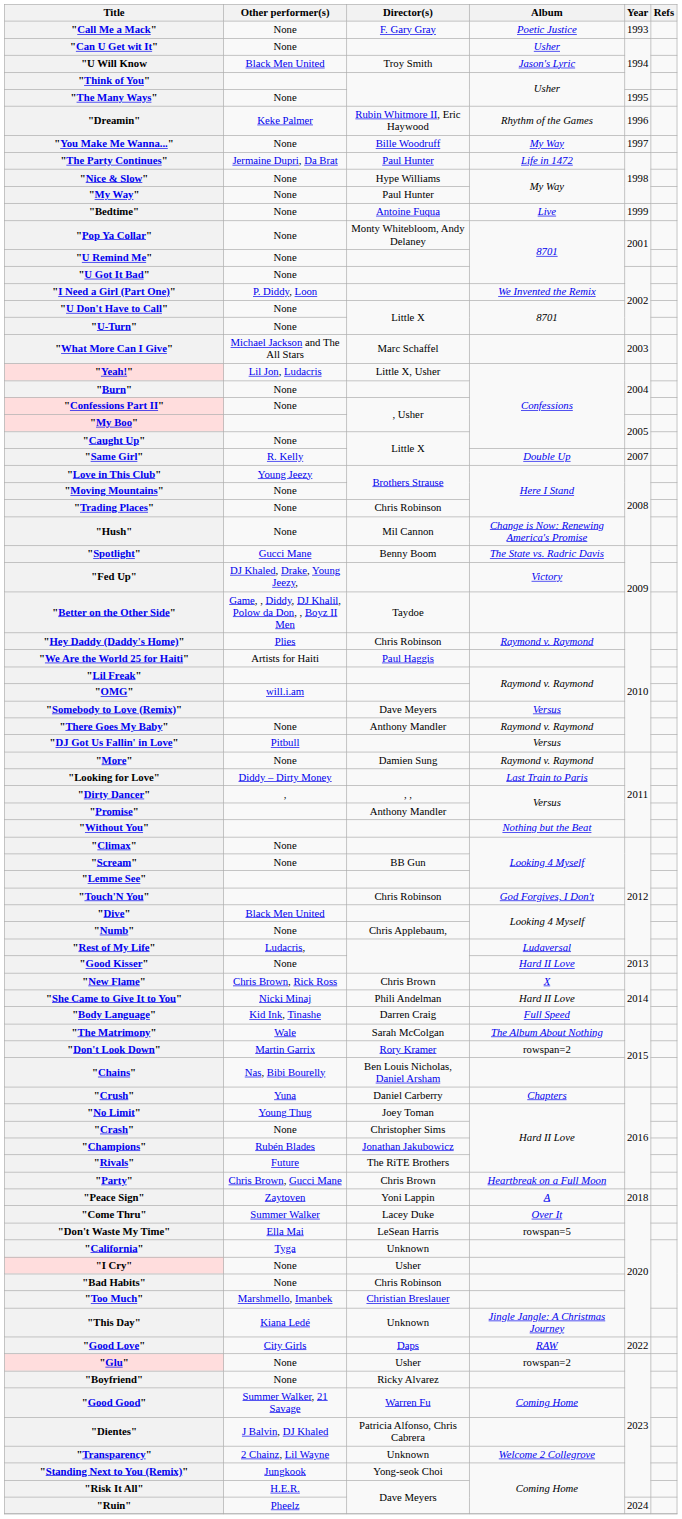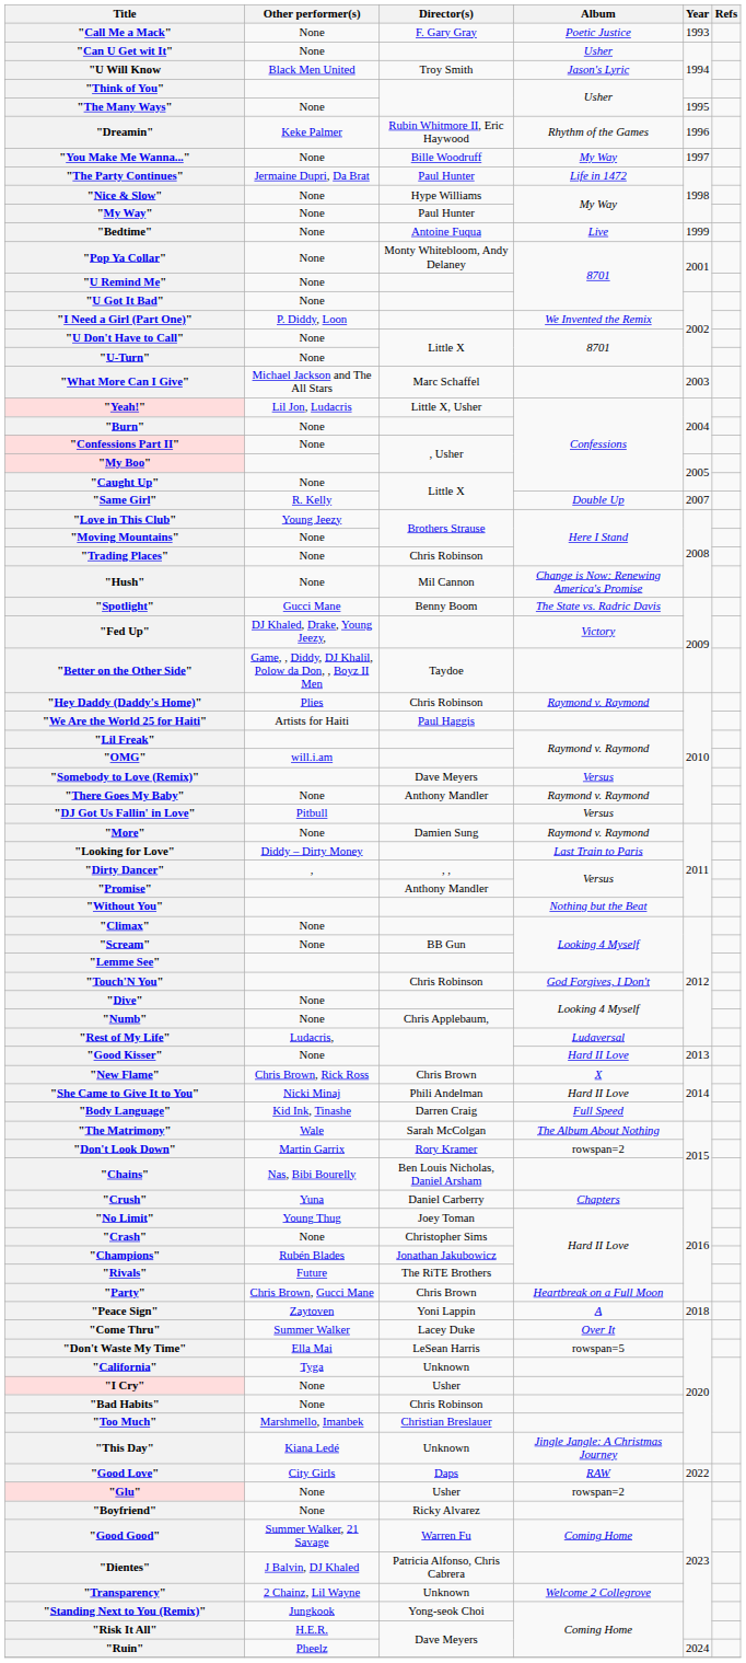 <table class="wikitable sortable plainrowheaders" style="text-align: center;">
 <tr>
 <th style="width: 20em;">Title</th>
 <th style="width: 11em;">Other performer(s)</th>
 <th style="width: 11em;">Director(s)</th>
 <th style="width: 14em;">Album</th>
 <th style="width: 2em;">Year</th>
 <th style="width: 2em;" class="unsortable">Refs</th>
 </tr>
 <tr>
 <th scope="row">"<a href='#'>Call Me a Mack</a>"</th>
 <td>None</td>
 <td><a href='#'>F. Gary Gray</a></td>
 <td><em><a href='#'>Poetic Justice</a></em></td>
 <td>1993</td>
 <td></td>
 </tr>
 <tr>
 <th scope="row">"<a href='#'>Can U Get wit It</a>"</th>
 <td>None</td>
 <td></td>
 <td><em><a href='#'>Usher</a></em></td>
 <td rowspan=3>1994</td>
 <td></td>
 </tr>
 <tr>
 <th scope="row">"U Will Know</th>
 <td><a href='#'>Black Men United</a></td>
 <td>Troy Smith</td>
 <td><em><a href='#'>Jason's Lyric</a></em></td>
 <td><br></td>
 </tr>
 <tr>
 <th scope="row">"<a href='#'>Think of You</a>"</th>
 <td></td>
 <td rowspan=2></td>
 <td rowspan=2><em>Usher</em></td>
 <td></td>
 </tr>
 <tr>
 <th scope="row">"<a href='#'>The Many Ways</a>"</th>
 <td>None</td>
 <td>1995</td>
 <td></td>
 </tr>
 <tr>
 <th scope="row">"Dreamin"</th>
 <td><a href='#'>Keke Palmer</a></td>
 <td><a href='#'>Rubin Whitmore II</a>, Eric Haywood</td>
 <td><em>Rhythm of the Games</em></td>
 <td>1996</td>
 </tr>
 <tr>
 <th scope="row">"<a href='#'>You Make Me Wanna...</a>"</th>
 <td>None</td>
 <td><a href='#'>Bille Woodruff</a></td>
 <td><em><a href='#'>My Way</a></em></td>
 <td>1997</td>
 <td><br></td>
 </tr>
 <tr>
 <th scope="row">"<a href='#'>The Party Continues</a>"</th>
 <td><a href='#'>Jermaine Dupri</a>, <a href='#'>Da Brat</a></td>
 <td><a href='#'>Paul Hunter</a></td>
 <td><em><a href='#'>Life in 1472</a></em></td>
 <td rowspan=3>1998</td>
 </tr>
 <tr>
 <th scope="row">"<a href='#'>Nice & Slow</a>"</th>
 <td>None</td>
 <td>Hype Williams</td>
 <td rowspan=2><em>My Way</em></td>
 <td><br></td>
 </tr>
 <tr>
 <th scope="row">"<a href='#'>My Way</a>"</th>
 <td>None</td>
 <td>Paul Hunter</td>
 <td><br></td>
 </tr>
 <tr>
 <th scope="row">"Bedtime"</th>
 <td>None</td>
 <td><a href='#'>Antoine Fuqua</a></td>
 <td><em><a href='#'>Live</a></em></td>
 <td>1999</td>
 <td></td>
 </tr>
 <tr>
 <th scope="row">"<a href='#'>Pop Ya Collar</a>"</th>
 <td>None</td>
 <td>Monty Whitebloom, Andy Delaney</td>
 <td rowspan=3><em><a href='#'>8701</a></em></td>
 <td rowspan=2>2001</td>
 <td></td>
 </tr>
 <tr>
 <th scope="row">"<a href='#'>U Remind Me</a>"</th>
 <td>None</td>
 <td></td>
 <td><br></td>
 </tr>
 <tr>
 <th scope="row">"<a href='#'>U Got It Bad</a>"</th>
 <td>None</td>
 <td></td>
 <td rowspan=4>2002</td>
 <td><br></td>
 </tr>
 <tr>
 <th scope="row">"<a href='#'>I Need a Girl (Part One)</a>"</th>
 <td><a href='#'>P. Diddy</a>, <a href='#'>Loon</a></td>
 <td></td>
 <td><em><a href='#'>We Invented the Remix</a></em></td>
 <td><br></td>
 </tr>
 <tr>
 <th scope="row">"<a href='#'>U Don't Have to Call</a>"</th>
 <td>None</td>
 <td rowspan=2>Little X</td>
 <td rowspan=2><em>8701</em></td>
 <td><br></td>
 </tr>
 <tr>
 <th scope="row">"<a href='#'>U-Turn</a>"</th>
 <td>None</td>
 <td><br></td>
 </tr>
 <tr>
 <th scope="row">"<a href='#'>What More Can I Give</a>"</th>
 <td><a href='#'>Michael Jackson</a> and The All Stars</td>
 <td>Marc Schaffel</td>
 <td></td>
 <td>2003</td>
 <td></td>
 </tr>
 <tr>
 <th scope="row" style="background:#FFDDDD">"<a href='#'>Yeah!</a>" </th>
 <td><a href='#'>Lil Jon</a>, <a href='#'>Ludacris</a></td>
 <td>Little X, Usher</td>
 <td rowspan=5><em><a href='#'>Confessions</a></em></td>
 <td rowspan=3>2004</td>
 <td><br></td>
 </tr>
 <tr>
 <th scope="row">"<a href='#'>Burn</a>"</th>
 <td>None</td>
 <td></td>
 <td><br></td>
 </tr>
 <tr>
 <th scope="row" style="background:#FFDDDD">"<a href='#'>Confessions Part II</a>" </th>
 <td>None</td>
 <td rowspan=2>, Usher</td>
 <td><br></td>
 </tr>
 <tr>
 <th scope="row" style="background:#FFDDDD">"<a href='#'>My Boo</a>"</th>
 <td></td>
 <td rowspan=2>2005</td>
 <td><br></td>
 </tr>
 <tr>
 <th scope="row">"<a href='#'>Caught Up</a>"</th>
 <td>None</td>
 <td rowspan=2>Little X</td>
 <td><br></td>
 </tr>
 <tr>
 <th scope="row">"<a href='#'>Same Girl</a>"</th>
 <td><a href='#'>R. Kelly</a></td>
 <td><em><a href='#'>Double Up</a></em></td>
 <td>2007</td>
 <td></td>
 </tr>
 <tr>
 <th scope="row">"<a href='#'>Love in This Club</a>"</th>
 <td><a href='#'>Young Jeezy</a></td>
 <td rowspan=2><a href='#'>Brothers Strause</a></td>
 <td rowspan=3><em><a href='#'>Here I Stand</a></em></td>
 <td rowspan=4>2008</td>
 <td><br></td>
 </tr>
 <tr>
 <th scope="row">"<a href='#'>Moving Mountains</a>"</th>
 <td>None</td>
 <td><br></td>
 </tr>
 <tr>
 <th scope="row">"<a href='#'>Trading Places</a>"</th>
 <td>None</td>
 <td>Chris Robinson</td>
 <td><br></td>
 </tr>
 <tr>
 <th scope="row">"Hush"</th>
 <td>None</td>
 <td>Mil Cannon</td>
 <td><em><a href='#'>Change is Now: Renewing America's Promise</a></em></td>
 <td></td>
 </tr>
 <tr>
 <th scope="row">"<a href='#'>Spotlight</a>"</th>
 <td><a href='#'>Gucci Mane</a></td>
 <td>Benny Boom</td>
 <td><em><a href='#'>The State vs. Radric Davis</a></em></td>
 <td rowspan=3>2009</td>
 <td><br></td>
 </tr>
 <tr>
 <th scope="row">"Fed Up"</th>
 <td><a href='#'>DJ Khaled</a>, <a href='#'>Drake</a>, <a href='#'>Young Jeezy</a>, </td>
 <td></td>
 <td><em><a href='#'>Victory</a></em></td>
 <td><br></td>
 </tr>
 <tr>
 <th scope="row">"<a href='#'>Better on the Other Side</a>"</th>
 <td><a href='#'>Game</a>, , <a href='#'>Diddy</a>, <a href='#'>DJ Khalil</a>, <a href='#'>Polow da Don</a>, , <a href='#'>Boyz II Men</a></td>
 <td>Taydoe</td>
 <td></td>
 <td></td>
 </tr>
 <tr>
 <th scope="row">"<a href='#'>Hey Daddy (Daddy's Home)</a>"</th>
 <td><a href='#'>Plies</a></td>
 <td>Chris Robinson</td>
 <td><em><a href='#'>Raymond v. Raymond</a></em></td>
 <td rowspan=7>2010</td>
 <td><br></td>
 </tr>
 <tr>
 <th scope="row">"<a href='#'>We Are the World 25 for Haiti</a>"</th>
 <td>Artists for Haiti</td>
 <td><a href='#'>Paul Haggis</a></td>
 <td></td>
 <td><br></td>
 </tr>
 <tr>
 <th scope="row">"<a href='#'>Lil Freak</a>"</th>
 <td></td>
 <td></td>
 <td rowspan=2><em>Raymond v. Raymond</em></td>
 <td><br></td>
 </tr>
 <tr>
 <th scope="row">"<a href='#'>OMG</a>"</th>
 <td><a href='#'>will.i.am</a></td>
 <td></td>
 <td><br></td>
 </tr>
 <tr>
 <th scope="row">"<a href='#'>Somebody to Love (Remix)</a>"</th>
 <td></td>
 <td>Dave Meyers</td>
 <td><em><a href='#'>Versus</a></em></td>
 <td><br></td>
 </tr>
 <tr>
 <th scope="row">"<a href='#'>There Goes My Baby</a>"</th>
 <td>None</td>
 <td>Anthony Mandler</td>
 <td><em>Raymond v. Raymond</em></td>
 <td><br></td>
 </tr>
 <tr>
 <th scope="row">"<a href='#'>DJ Got Us Fallin' in Love</a>"</th>
 <td><a href='#'>Pitbull</a></td>
 <td></td>
 <td><em>Versus</em></td>
 <td><br></td>
 </tr>
 <tr>
 <th scope="row">"<a href='#'>More</a>"</th>
 <td>None</td>
 <td>Damien Sung</td>
 <td><em>Raymond v. Raymond</em></td>
 <td rowspan=5>2011</td>
 <td></td>
 </tr>
 <tr>
 <th scope="row">"Looking for Love"</th>
 <td><a href='#'>Diddy – Dirty Money</a></td>
 <td></td>
 <td><em><a href='#'>Last Train to Paris</a></em></td>
 <td><br></td>
 </tr>
 <tr>
 <th scope="row">"<a href='#'>Dirty Dancer</a>"</th>
 <td>, </td>
 <td>, , </td>
 <td rowspan=2><em>Versus</em></td>
 <td><br></td>
 </tr>
 <tr>
 <th scope="row">"<a href='#'>Promise</a>"</th>
 <td></td>
 <td>Anthony Mandler</td>
 <td><br></td>
 </tr>
 <tr>
 <th scope="row">"<a href='#'>Without You</a>"</th>
 <td></td>
 <td></td>
 <td><em><a href='#'>Nothing but the Beat</a></em></td>
 <td><br></td>
 </tr>
 <tr>
 <th scope="row">"<a href='#'>Climax</a>"</th>
 <td>None</td>
 <td></td>
 <td rowspan=3><em><a href='#'>Looking 4 Myself</a></em></td>
 <td rowspan=7>2012</td>
 <td><br></td>
 </tr>
 <tr>
 <th scope="row">"<a href='#'>Scream</a>"</th>
 <td>None</td>
 <td>BB Gun</td>
 <td><br></td>
 </tr>
 <tr>
 <th scope="row">"<a href='#'>Lemme See</a>"</th>
 <td></td>
 <td></td>
 <td><br></td>
 </tr>
 <tr>
 <th scope="row">"<a href='#'>Touch'N You</a>"</th>
 <td></td>
 <td>Chris Robinson</td>
 <td><em><a href='#'>God Forgives, I Don't</a></em></td>
 <td><br></td>
 </tr>
 <tr>
 <th scope="row">"<a href='#'>Dive</a>"</th>
-<td><a href='#'>Black Men United</a></td>
+<td>None</td>
 <td></td>
 <td rowspan=2><em>Looking 4 Myself</em></td>
 <td><br></td>
 </tr>
 <tr>
 <th scope="row">"<a href='#'>Numb</a>"</th>
 <td>None</td>
 <td>Chris Applebaum, </td>
 <td><br></td>
 </tr>
 <tr>
 <th scope="row">"<a href='#'>Rest of My Life</a>"</th>
 <td><a href='#'>Ludacris</a>, </td>
 <td rowspan=2></td>
 <td><em><a href='#'>Ludaversal</a></em></td>
 <td><br></td>
 </tr>
 <tr>
 <th scope="row">"<a href='#'>Good Kisser</a>"</th>
 <td>None</td>
 <td><em><a href='#'>Hard II Love</a></em></td>
 <td>2013</td>
 <td></td>
 </tr>
 <tr>
 <th scope="row">"<a href='#'>New Flame</a>"</th>
 <td><a href='#'>Chris Brown</a>, <a href='#'>Rick Ross</a></td>
 <td>Chris Brown</td>
 <td><em><a href='#'>X</a></em></td>
 <td rowspan=3>2014</td>
 <td></td>
 </tr>
 <tr>
 <th scope="row">"<a href='#'>She Came to Give It to You</a>"</th>
 <td><a href='#'>Nicki Minaj</a></td>
 <td>Phili Andelman</td>
 <td><em>Hard II Love</em></td>
 <td></td>
 </tr>
 <tr>
 <th scope="row">"<a href='#'>Body Language</a>"</th>
 <td><a href='#'>Kid Ink</a>, <a href='#'>Tinashe</a></td>
 <td>Darren Craig</td>
 <td><em><a href='#'>Full Speed</a></em></td>
 <td></td>
 </tr>
 <tr>
 <th scope="row">"<a href='#'>The Matrimony</a>"</th>
 <td><a href='#'>Wale</a></td>
 <td>Sarah McColgan</td>
 <td><em><a href='#'>The Album About Nothing</a></em></td>
 <td rowspan=3>2015</td>
 <td></td>
 </tr>
 <tr>
 <th scope="row">"<a href='#'>Don't Look Down</a>"</th>
 <td><a href='#'>Martin Garrix</a></td>
 <td><a href='#'>Rory Kramer</a></td>
 <td>rowspan=2 </td>
 <td></td>
 </tr>
 <tr>
 <th scope="row">"<a href='#'>Chains</a>"</th>
 <td><a href='#'>Nas</a>, <a href='#'>Bibi Bourelly</a></td>
 <td>Ben Louis Nicholas, <a href='#'>Daniel Arsham</a></td>
 <td></td>
 </tr>
 <tr>
 <th scope="row">"<a href='#'>Crush</a>"</th>
 <td><a href='#'>Yuna</a></td>
 <td>Daniel Carberry</td>
 <td><em><a href='#'>Chapters</a></em></td>
 <td rowspan=6>2016</td>
 <td></td>
 </tr>
 <tr>
 <th scope="row">"<a href='#'>No Limit</a>"</th>
 <td><a href='#'>Young Thug</a></td>
 <td>Joey Toman</td>
 <td rowspan=4><em>Hard II Love</em></td>
 <td></td>
 </tr>
 <tr>
 <th scope="row">"<a href='#'>Crash</a>"</th>
 <td>None</td>
 <td>Christopher Sims</td>
 <td></td>
 </tr>
 <tr>
 <th scope="row">"<a href='#'>Champions</a>"</th>
 <td><a href='#'>Rubén Blades</a></td>
 <td><a href='#'>Jonathan Jakubowicz</a></td>
 <td></td>
 </tr>
 <tr>
 <th scope="row">"<a href='#'>Rivals</a>"</th>
 <td><a href='#'>Future</a></td>
 <td>The RiTE Brothers</td>
 <td></td>
 </tr>
 <tr>
 <th scope="row">"<a href='#'>Party</a>"</th>
 <td><a href='#'>Chris Brown</a>, <a href='#'>Gucci Mane</a></td>
 <td>Chris Brown</td>
 <td><em><a href='#'>Heartbreak on a Full Moon</a></em></td>
 <td></td>
 </tr>
 <tr>
 <th scope="row">"Peace Sign"</th>
 <td><a href='#'>Zaytoven</a></td>
 <td>Yoni Lappin</td>
 <td><em><a href='#'>A</a></em></td>
 <td>2018</td>
 <td></td>
 </tr>
 <tr>
 <th scope="row">"Come Thru"</th>
 <td><a href='#'>Summer Walker</a></td>
 <td>Lacey Duke</td>
 <td><em><a href='#'>Over It</a></em></td>
 <td rowspan="7">2020</td>
 <td></td>
 </tr>
 <tr>
 <th scope="row">"Don't Waste My Time"</th>
 <td><a href='#'>Ella Mai</a></td>
 <td>LeSean Harris</td>
 <td>rowspan=5 </td>
 <td></td>
 </tr>
 <tr>
 <th scope="row">"<a href='#'>California</a>"</th>
 <td><a href='#'>Tyga</a></td>
 <td>Unknown</td>
 <td></td>
 </tr>
 <tr>
 <th style="background:#FFDDDD" scope="row">"I Cry"</th>
 <td>None</td>
 <td>Usher</td>
 <td></td>
 </tr>
 <tr>
 <th scope="row">"Bad Habits"</th>
 <td>None</td>
 <td>Chris Robinson</td>
 <td></td>
 </tr>
 <tr>
 <th scope="row">"<a href='#'>Too Much</a>"</th>
 <td><a href='#'>Marshmello</a>, <a href='#'>Imanbek</a></td>
 <td><a href='#'>Christian Breslauer</a></td>
 <td></td>
 </tr>
 <tr>
 <th scope="row">"This Day"</th>
 <td><a href='#'>Kiana Ledé</a></td>
 <td>Unknown</td>
 <td><em><a href='#'>Jingle Jangle: A Christmas Journey</a></em></td>
 <td></td>
 </tr>
 <tr>
 <th scope="row">"<a href='#'>Good Love</a>"</th>
 <td><a href='#'>City Girls</a></td>
 <td><a href='#'>Daps</a></td>
 <td><em><a href='#'>RAW</a></em></td>
 <td>2022</td>
 <td></td>
 </tr>
 <tr>
 <th style="background:#FFDDDD" scope="row">"<a href='#'>Glu</a>"</th>
 <td>None</td>
 <td>Usher</td>
 <td>rowspan=2</td>
 <td rowspan=7>2023</td>
 <td></td>
 </tr>
 <tr>
 <th scope="row">"Boyfriend"</th>
 <td>None</td>
 <td>Ricky Alvarez</td>
 <td></td>
 </tr>
 <tr>
 <th scope="row">"<a href='#'>Good Good</a>"</th>
 <td><a href='#'>Summer Walker</a>, <a href='#'>21 Savage</a></td>
 <td><a href='#'>Warren Fu</a></td>
 <td><em><a href='#'>Coming Home</a></em></td>
 <td></td>
 </tr>
 <tr>
 <th scope="row">"Dientes"</th>
 <td><a href='#'>J Balvin</a>, <a href='#'>DJ Khaled</a></td>
 <td>Patricia Alfonso, Chris Cabrera</td>
 <td></td>
 <td></td>
 </tr>
 <tr>
 <th scope="row">"<a href='#'>Transparency</a>"</th>
 <td><a href='#'>2 Chainz</a>, <a href='#'>Lil Wayne</a></td>
 <td>Unknown</td>
 <td><em><a href='#'>Welcome 2 Collegrove</a></em></td>
 <td></td>
 </tr>
 <tr>
 <th scope="row">"<a href='#'>Standing Next to You (Remix)</a>"</th>
 <td><a href='#'>Jungkook</a></td>
 <td>Yong-seok Choi</td>
 <td rowspan=3><em>Coming Home</em></td>
 <td></td>
 </tr>
 <tr>
 <th scope="row">"Risk It All"</th>
 <td><a href='#'>H.E.R.</a></td>
 <td rowspan=2>Dave Meyers</td>
 <td></td>
 </tr>
 <tr>
 <th scope="row">"Ruin"</th>
 <td><a href='#'>Pheelz</a></td>
 <td>2024</td>
 <td></td>
 </tr>
 <tr>
 </tr>
 </table>
